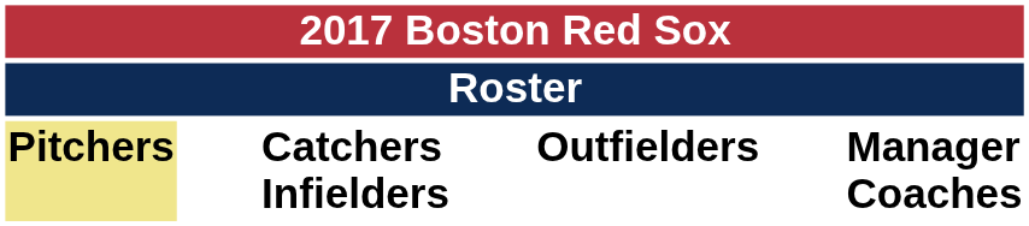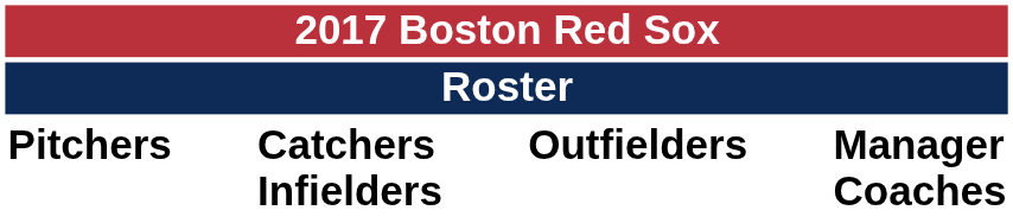 <table class="toccolours" style="text-align: left;">
 <tr>
 <th colspan="10" style="background-color: #ba313c; color: #FFFFFF; text-align: center;">2017 Boston Red Sox</th>
 </tr>
 <tr>
 <td colspan="10" style="background-color:#0d2b56; color: white; text-align: center;"><strong>Roster</strong></td>
 </tr>
 <tr>
-<td valign="top" style="background: khaki;"><strong>Pitchers</strong><br>                         </td>
+<td valign="top"><strong>Pitchers</strong><br>                         </td>
 <td width="25px"></td>
 <td valign="top"><strong>Catchers</strong><br>   <strong>Infielders</strong>              </td>
 <td width="25px"></td>
 <td valign="top"><strong>Outfielders</strong><br>     </td>
 <td width="25px"></td>
 <td valign="top"><strong>Manager</strong><br> <strong>Coaches</strong>                    </td>
 </tr>
 </table>
